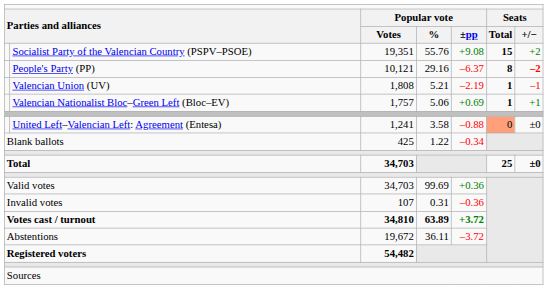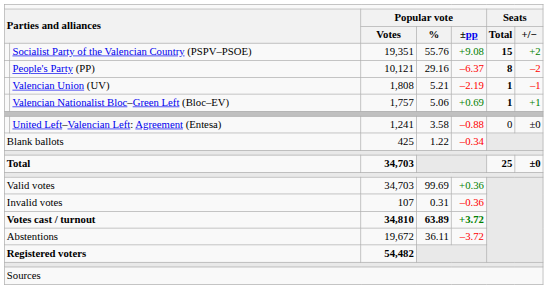 <table class="wikitable" style="text-align:right;">
 <tr>
 <td colspan="7"></td>
 </tr>
 <tr>
 <th style="text-align:left;" rowspan="2" colspan="2" width="525">Parties and alliances</th>
 <th colspan="3">Popular vote</th>
 <th colspan="2">Seats</th>
 </tr>
 <tr>
 <th width="75">Votes</th>
 <th width="45">%</th>
 <th width="45">±<a href='#'>pp</a></th>
 <th width="35">Total</th>
 <th width="35">+/−</th>
 </tr>
 <tr>
 <td width="1" style="color:inherit;background:"></td>
 <td align="left"><a href='#'>Socialist Party of the Valencian Country</a> (PSPV–PSOE)</td>
 <td>19,351</td>
 <td>55.76</td>
 <td style="color:green;">+9.08</td>
 <td><strong>15</strong></td>
 <td style="color:green;">+2</td>
 </tr>
 <tr>
 <td style="color:inherit;background:"></td>
 <td align="left"><a href='#'>People's Party</a> (PP)</td>
 <td>10,121</td>
 <td>29.16</td>
 <td style="color:red;">–6.37</td>
 <td><strong>8</strong></td>
-<td style="color:red;"><strong>–2</strong></td>
+<td style="color:red;">–2</td>
 </tr>
 <tr>
 <td style="color:inherit;background:"></td>
 <td align="left"><a href='#'>Valencian Union</a> (UV)</td>
 <td>1,808</td>
 <td>5.21</td>
 <td style="color:red;">–2.19</td>
 <td><strong>1</strong></td>
 <td style="color:red;">–1</td>
 </tr>
 <tr>
 <td style="color:inherit;background:"></td>
 <td align="left"><a href='#'>Valencian Nationalist Bloc</a>–<a href='#'>Green Left</a> (Bloc–EV)</td>
 <td>1,757</td>
 <td>5.06</td>
 <td style="color:green;">+0.69</td>
 <td><strong>1</strong></td>
 <td style="color:green;">+1</td>
 </tr>
 <tr>
 <td colspan="7" bgcolor="#C0C0C0"></td>
 </tr>
 <tr>
 <td style="color:inherit;background:"></td>
 <td align="left"><a href='#'>United Left</a>–<a href='#'>Valencian Left</a>: <a href='#'>Agreement</a> (Entesa)</td>
 <td>1,241</td>
 <td>3.58</td>
 <td style="color:red;">–0.88</td>
-<td style="background: lightsalmon;">0</td>
+<td>0</td>
 <td>±0</td>
 </tr>
 <tr>
 <td align="left" colspan="2">Blank ballots</td>
 <td>425</td>
 <td>1.22</td>
 <td style="color:red;">–0.34</td>
 <td bgcolor="#E9E9E9" colspan="2"></td>
 </tr>
 <tr>
 <td colspan="7" bgcolor="#E9E9E9"></td>
 </tr>
 <tr style="font-weight:bold;">
 <td align="left" colspan="2">Total</td>
 <td>34,703</td>
 <td bgcolor="#E9E9E9" colspan="2"></td>
 <td>25</td>
 <td>±0</td>
 </tr>
 <tr>
 <td colspan="7" bgcolor="#E9E9E9"></td>
 </tr>
 <tr>
 <td align="left" colspan="2">Valid votes</td>
 <td>34,703</td>
 <td>99.69</td>
 <td style="color:green;">+0.36</td>
 <td bgcolor="#E9E9E9" colspan="2" rowspan="5"></td>
 </tr>
 <tr>
 <td align="left" colspan="2">Invalid votes</td>
 <td>107</td>
 <td>0.31</td>
 <td style="color:red;">–0.36</td>
 </tr>
 <tr style="font-weight:bold;">
 <td align="left" colspan="2">Votes cast / turnout</td>
 <td>34,810</td>
 <td>63.89</td>
 <td style="color:green;">+3.72</td>
 </tr>
 <tr>
 <td align="left" colspan="2">Abstentions</td>
 <td>19,672</td>
 <td>36.11</td>
 <td style="color:red;">–3.72</td>
 </tr>
 <tr style="font-weight:bold;">
 <td align="left" colspan="2">Registered voters</td>
 <td>54,482</td>
 <td bgcolor="#E9E9E9" colspan="2"></td>
 </tr>
 <tr>
 <td colspan="7" bgcolor="#E9E9E9"></td>
 </tr>
 <tr>
 <td align="left" colspan="7">Sources</td>
 </tr>
 </table>
